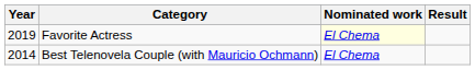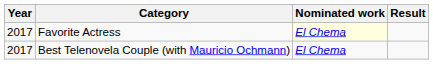 <table class="wikitable">
 <tr style="background:#b0c4de;">
 <th>Year</th>
 <th>Category</th>
 <th>Nominated work</th>
 <th>Result</th>
 </tr>
 <tr>
-<td>2019</td>
+<td>2017</td>
 <td>Favorite Actress</td>
 <td style="background: lightyellow;"><em> <a href='#'>El Chema </a></em></td>
 <td></td>
 </tr>
 <tr>
-<td>2014</td>
+<td>2017</td>
 <td>Best Telenovela Couple (with <a href='#'>Mauricio Ochmann</a>)</td>
 <td><em> <a href='#'>El Chema </a></em></td>
 <td></td>
 </tr>
 </table>
